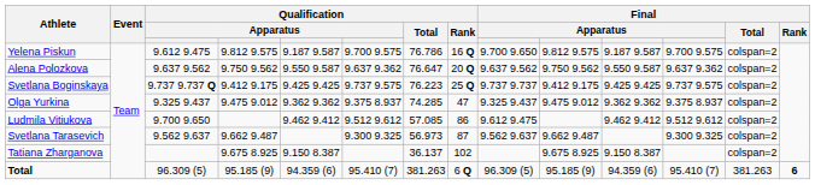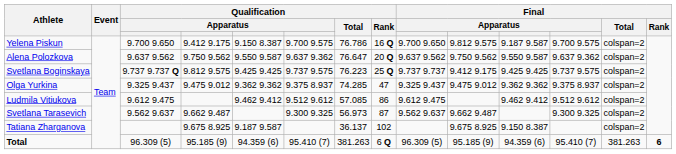 <table class="wikitable" style="font-size:90%">
 <tr>
 <th rowspan=3>Athlete</th>
 <th rowspan=3>Event</th>
 <th colspan=6>Qualification</th>
 <th colspan=6>Final</th>
 </tr>
 <tr style="font-size:95%">
 <th colspan=4>Apparatus</th>
 <th rowspan=2>Total</th>
 <th rowspan=2>Rank</th>
 <th colspan=4>Apparatus</th>
 <th rowspan=2>Total</th>
 <th rowspan=2>Rank</th>
 </tr>
 <tr style="font-size:95%">
 <th></th>
 <th></th>
 <th></th>
 <th></th>
 <th></th>
 <th></th>
 <th></th>
 <th></th>
 </tr>
 <tr align=center>
 <td align=left><a href='#'>Yelena Piskun</a></td>
 <td align=left rowspan=8><a href='#'>Team</a></td>
-<td>9.612 	9.475</td>
-<td>9.812 	9.575</td>
-<td>9.187 	9.587</td>
+<td>9.700 	9.650</td>
+<td>9.412 	9.175</td>
+<td>9.150 	8.387</td>
 <td>9.700 	9.575</td>
 <td>76.786</td>
 <td>16 <strong>Q</strong></td>
 <td>9.700 	9.650</td>
 <td>9.812 	9.575</td>
 <td>9.187 	9.587</td>
 <td>9.700 	9.575</td>
 <td>colspan=2 </td>
 </tr>
 <tr align=center>
 <td align=left><a href='#'>Alena Polozkova</a></td>
 <td>9.637 	9.562</td>
 <td>9.750 	9.562</td>
 <td>9.550 	9.587</td>
 <td>9.637 	9.362</td>
 <td>76.647</td>
 <td>20 <strong>Q</strong></td>
 <td>9.637 	9.562</td>
 <td>9.750 	9.562</td>
 <td>9.550 	9.587</td>
 <td>9.637 	9.362</td>
 <td>colspan=2 </td>
 </tr>
 <tr align=center>
 <td align=left><a href='#'>Svetlana Boginskaya</a></td>
 <td>9.737 	9.737 <strong>Q</strong></td>
-<td>9.412 	9.175</td>
+<td>9.812 	9.575</td>
 <td>9.425 	9.425</td>
 <td>9.737 	9.575</td>
 <td>76.223</td>
 <td>25 <strong>Q</strong></td>
 <td>9.737 	9.737</td>
 <td>9.412 	9.175</td>
 <td>9.425 	9.425</td>
 <td>9.737 	9.575</td>
 <td>colspan=2 </td>
 </tr>
 <tr align=center>
 <td align=left><a href='#'>Olga Yurkina</a></td>
 <td>9.325 	9.437</td>
 <td>9.475 	9.012</td>
 <td>9.362 	9.362</td>
 <td>9.375 	8.937</td>
 <td>74.285</td>
 <td>47</td>
 <td>9.325 	9.437</td>
 <td>9.475 	9.012</td>
 <td>9.362 	9.362</td>
 <td>9.375 	8.937</td>
 <td>colspan=2 </td>
 </tr>
 <tr align=center>
 <td align=left><a href='#'>Ludmila Vitiukova</a></td>
-<td>9.700 	9.650</td>
+<td>9.612 	9.475</td>
 <td></td>
 <td>9.462 	9.412</td>
 <td>9.512 	9.612</td>
 <td>57.085</td>
 <td>86</td>
 <td>9.612 	9.475</td>
 <td></td>
 <td>9.462 	9.412</td>
 <td>9.512 	9.612</td>
 <td>colspan=2 </td>
 </tr>
 <tr align=center>
 <td align=left><a href='#'>Svetlana Tarasevich</a></td>
 <td>9.562 	9.637</td>
 <td>9.662 	9.487</td>
 <td></td>
 <td>9.300 	9.325</td>
 <td>56.973</td>
 <td>87</td>
 <td>9.562 	9.637</td>
 <td>9.662 	9.487</td>
 <td></td>
 <td>9.300 	9.325</td>
 <td>colspan=2 </td>
 </tr>
 <tr align=center>
 <td align=left><a href='#'>Tatiana Zharganova</a></td>
 <td></td>
 <td>9.675 	8.925</td>
-<td>9.150 	8.387</td>
+<td>9.187 	9.587</td>
 <td></td>
 <td>36.137</td>
 <td>102</td>
 <td></td>
 <td>9.675 	8.925</td>
 <td>9.150 	8.387</td>
 <td></td>
 <td>colspan=2 </td>
 </tr>
 <tr align=center>
 <td align=left><strong>Total</strong></td>
 <td>96.309 (5)</td>
 <td>95.185 (9)</td>
 <td>94.359 (6)</td>
 <td>95.410 (7)</td>
 <td>381.263</td>
 <td>6 <strong>Q</strong></td>
 <td>96.309 (5)</td>
 <td>95.185 (9)</td>
 <td>94.359 (6)</td>
 <td>95.410 (7)</td>
 <td>381.263</td>
 <td><strong>6</strong></td>
 </tr>
 </table>
